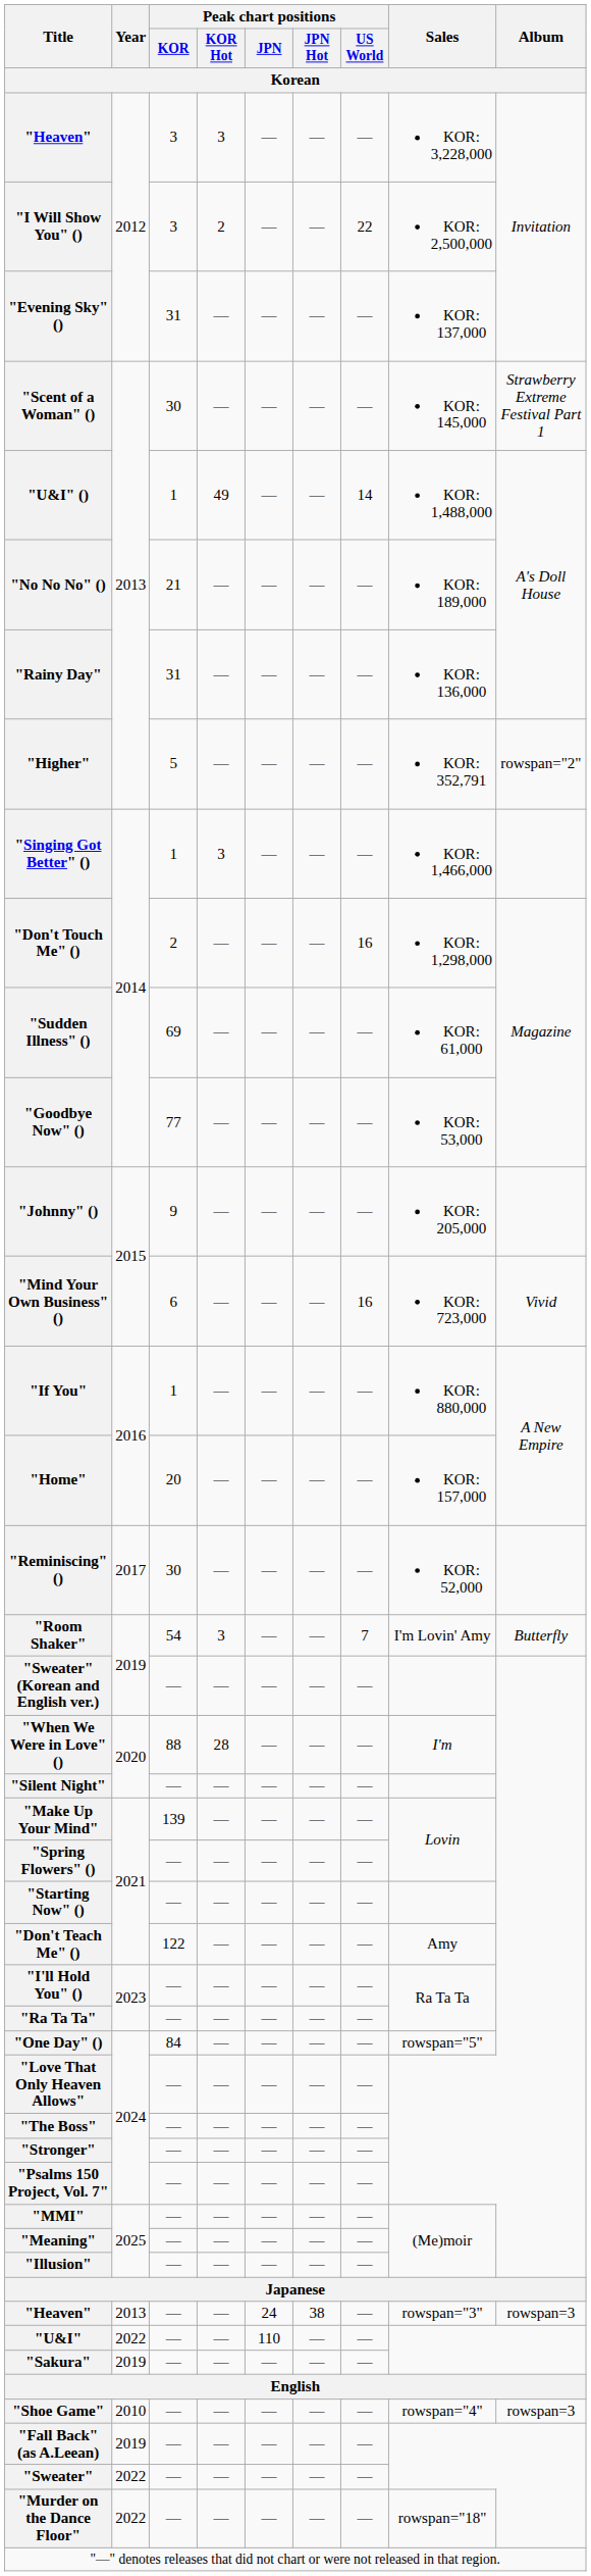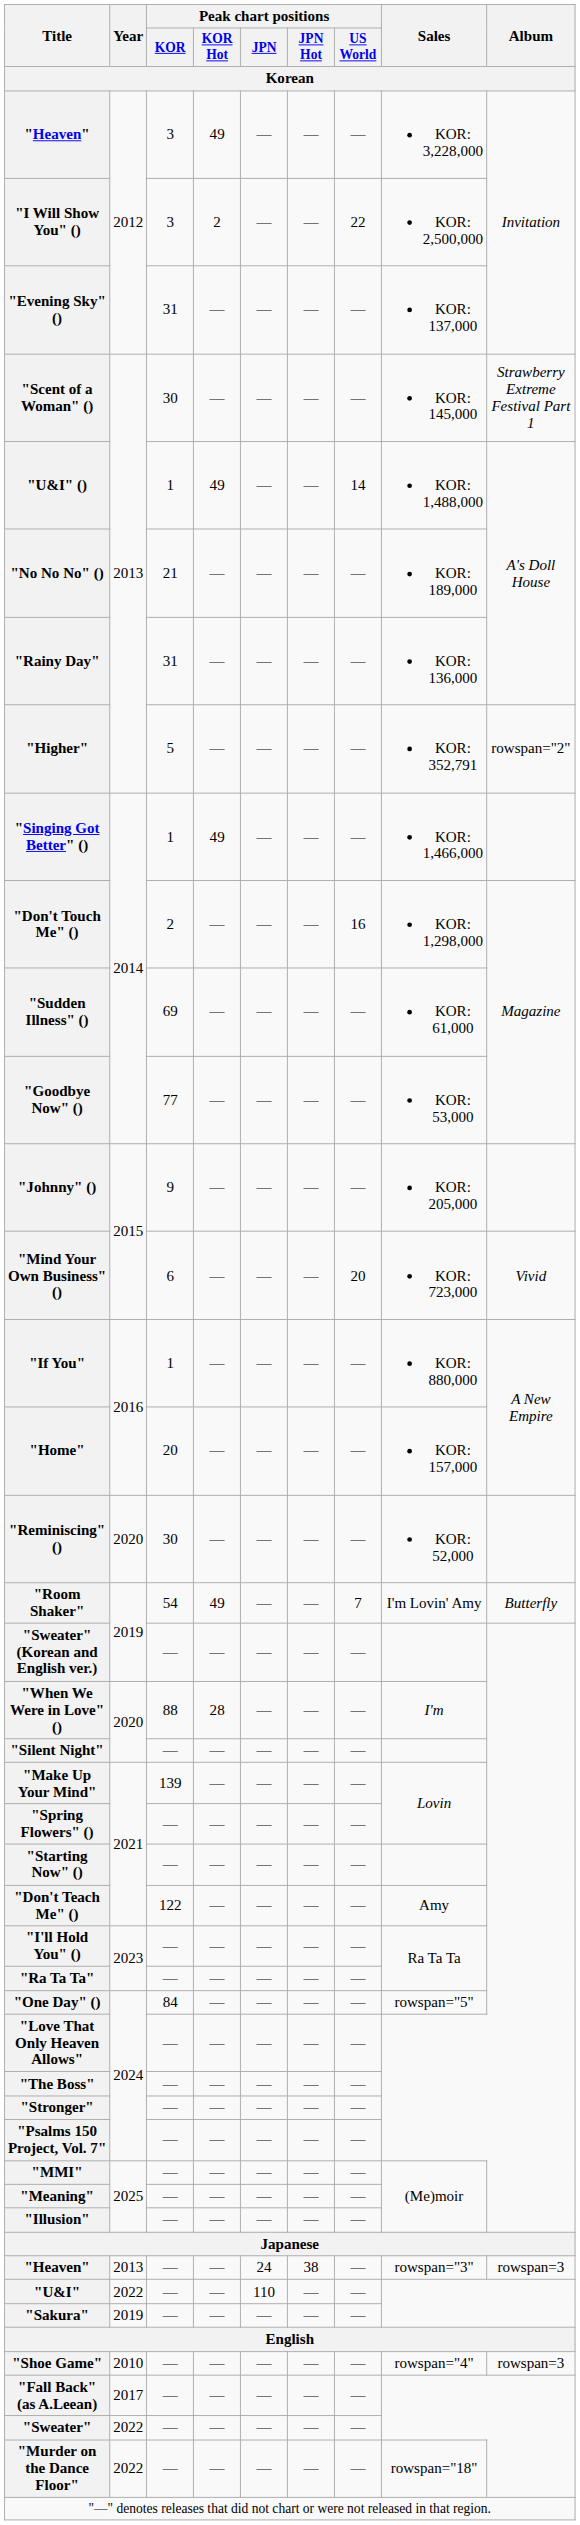 <table class="wikitable plainrowheaders" style="text-align:center;">
 <tr>
 <th scope="col" rowspan="2">Title</th>
 <th scope="col" rowspan="2">Year</th>
 <th scope="col" colspan="5">Peak chart positions</th>
 <th scope="col" rowspan="2">Sales</th>
 <th scope="col" rowspan="2">Album</th>
 </tr>
 <tr>
 <th scope="col" style="width:3em;font-size:90%;"><a href='#'>KOR</a><br></th>
 <th scope="col" style="width:3em;font-size:90%;"><a href='#'>KOR Hot</a><br></th>
 <th scope="col" style="width:3em;font-size:90%;"><a href='#'>JPN</a><br></th>
 <th scope="col" style="width:3em;font-size:90%;"><a href='#'>JPN Hot</a><br></th>
 <th scope="col" style="width:3em;font-size:90%;"><a href='#'>US World</a><br></th>
 </tr>
 <tr>
 <th colspan="10">Korean</th>
 </tr>
 <tr>
 <th scope="row">"<a href='#'>Heaven</a>"</th>
 <td rowspan="3">2012</td>
 <td>3</td>
-<td>3</td>
+<td>49</td>
 <td>—</td>
 <td>—</td>
 <td>—</td>
 <td><br><ul><li>KOR: 3,228,000</li></ul></td>
 <td rowspan=3><em>Invitation</em></td>
 </tr>
 <tr>
 <th scope="row">"I Will Show You" ()</th>
 <td>3</td>
 <td>2</td>
 <td>—</td>
 <td>—</td>
 <td>22</td>
 <td><br><ul><li>KOR: 2,500,000</li></ul></td>
 </tr>
 <tr>
 <th scope="row">"Evening Sky" ()</th>
 <td>31</td>
 <td>—</td>
 <td>—</td>
 <td>—</td>
 <td>—</td>
 <td><br><ul><li>KOR: 137,000</li></ul></td>
 </tr>
 <tr>
 <th scope="row">"Scent of a Woman" ()</th>
 <td rowspan="5">2013</td>
 <td>30</td>
 <td>—</td>
 <td>—</td>
 <td>—</td>
 <td>—</td>
 <td><br><ul><li>KOR: 145,000</li></ul></td>
 <td><em>Strawberry Extreme Festival Part 1</em></td>
 </tr>
 <tr>
 <th scope="row">"U&I" ()</th>
 <td>1</td>
 <td>49</td>
 <td>—</td>
 <td>—</td>
 <td>14</td>
 <td><br><ul><li>KOR: 1,488,000</li></ul></td>
 <td rowspan=3><em>A's Doll House</em></td>
 </tr>
 <tr>
 <th scope="row">"No No No" ()</th>
 <td>21</td>
 <td>—</td>
 <td>—</td>
 <td>—</td>
 <td>—</td>
 <td><br><ul><li>KOR: 189,000</li></ul></td>
 </tr>
 <tr>
 <th scope="row">"Rainy Day"</th>
 <td>31</td>
 <td>—</td>
 <td>—</td>
 <td>—</td>
 <td>—</td>
 <td><br><ul><li>KOR: 136,000</li></ul></td>
 </tr>
 <tr>
 <th scope="row">"Higher" </th>
 <td>5</td>
 <td>—</td>
 <td>—</td>
 <td>—</td>
 <td>—</td>
 <td><br><ul><li>KOR: 352,791</li></ul></td>
 <td>rowspan="2" </td>
 </tr>
 <tr>
 <th scope="row">"<a href='#'>Singing Got Better</a>" ()</th>
 <td rowspan="4">2014</td>
 <td>1</td>
-<td>3</td>
+<td>49</td>
 <td>—</td>
 <td>—</td>
 <td>—</td>
 <td><br><ul><li>KOR: 1,466,000</li></ul></td>
 </tr>
 <tr>
 <th scope="row">"Don't Touch Me" ()</th>
 <td>2</td>
 <td>—</td>
 <td>—</td>
 <td>—</td>
 <td>16</td>
 <td><br><ul><li>KOR: 1,298,000</li></ul></td>
 <td rowspan=3><em>Magazine</em></td>
 </tr>
 <tr>
 <th scope="row">"Sudden Illness" ()</th>
 <td>69</td>
 <td>—</td>
 <td>—</td>
 <td>—</td>
 <td>—</td>
 <td><br><ul><li>KOR: 61,000</li></ul></td>
 </tr>
 <tr>
 <th scope="row">"Goodbye Now" ()</th>
 <td>77</td>
 <td>—</td>
 <td>—</td>
 <td>—</td>
 <td>—</td>
 <td><br><ul><li>KOR: 53,000</li></ul></td>
 </tr>
 <tr>
 <th scope="row">"Johnny" ()</th>
 <td rowspan="2">2015</td>
 <td>9</td>
 <td>—</td>
 <td>—</td>
 <td>—</td>
 <td>—</td>
 <td><br><ul><li>KOR: 205,000</li></ul></td>
 <td></td>
 </tr>
 <tr>
 <th scope="row">"Mind Your Own Business" ()</th>
 <td>6</td>
 <td>—</td>
 <td>—</td>
 <td>—</td>
-<td>16</td>
+<td>20</td>
 <td><br><ul><li>KOR: 723,000</li></ul></td>
 <td><em>Vivid</em></td>
 </tr>
 <tr>
 <th scope="row">"If You"</th>
 <td rowspan="2">2016</td>
 <td>1</td>
 <td>—</td>
 <td>—</td>
 <td>—</td>
 <td>—</td>
 <td><br><ul><li>KOR: 880,000</li></ul></td>
 <td rowspan="2"><em>A New Empire</em></td>
 </tr>
 <tr>
 <th scope="row">"Home" </th>
 <td>20</td>
 <td>—</td>
 <td>—</td>
 <td>—</td>
 <td>—</td>
 <td><br><ul><li>KOR: 157,000</li></ul></td>
 </tr>
 <tr>
 <th scope="row">"Reminiscing" ()</th>
-<td>2017</td>
+<td>2020</td>
 <td>30</td>
 <td>—</td>
 <td>—</td>
 <td>—</td>
 <td>—</td>
 <td><br><ul><li>KOR: 52,000</li></ul></td>
 <td></td>
 </tr>
 <tr>
 <th scope="row">"Room Shaker"</th>
 <td rowspan="2">2019</td>
 <td>54</td>
-<td>3</td>
+<td>49</td>
 <td>—</td>
 <td>—</td>
 <td>7</td>
 <td></em>I'm Lovin' Amy<em></td>
 <td><em>Butterfly</em></td>
 </tr>
 <tr>
 <th scope="row">"Sweater" (Korean and English ver.)</th>
 <td>—</td>
 <td>—</td>
 <td>—</td>
 <td>—</td>
 <td>—</td>
 <td></td>
 </tr>
 <tr>
 <th scope="row">"When We Were in Love" <br> ()</th>
 <td rowspan="2">2020</td>
 <td>88</td>
 <td>28</td>
 <td>—</td>
 <td>—</td>
 <td>—</td>
 <td><em>I'm</em></td>
 </tr>
 <tr>
 <th scope="row">"Silent Night"</th>
 <td>—</td>
 <td>—</td>
 <td>—</td>
 <td>—</td>
 <td>—</td>
 <td></td>
 </tr>
 <tr>
 <th scope="row">"Make Up Your Mind"</th>
 <td rowspan="4">2021</td>
 <td>139</td>
 <td>—</td>
 <td>—</td>
 <td>—</td>
 <td>—</td>
 <td rowspan="2"><em>Lovin<strong></td>
 </tr>
 <tr>
 <th scope="row">"Spring Flowers" ()</th>
 <td>—</td>
 <td>—</td>
 <td>—</td>
 <td>—</td>
 <td>—</td>
 </tr>
 <tr>
 <th scope="row">"Starting Now" ()</th>
 <td>—</td>
 <td>—</td>
 <td>—</td>
 <td>—</td>
 <td>—</td>
 <td></td>
 </tr>
 <tr>
 <th scope="row">"Don't Teach Me" ()</th>
 <td>122</td>
 <td>—</td>
 <td>—</td>
 <td>—</td>
 <td>—</td>
 <td></em>Amy<em></td>
 </tr>
 <tr>
 <th scope="row">"I'll Hold You" ()</th>
 <td rowspan="2">2023</td>
 <td>—</td>
 <td>—</td>
 <td>—</td>
 <td>—</td>
 <td>—</td>
 <td rowspan="2"></em>Ra Ta Ta<em></td>
 </tr>
 <tr>
 <th scope="row">"Ra Ta Ta" </th>
 <td>—</td>
 <td>—</td>
 <td>—</td>
 <td>—</td>
 <td>—</td>
 </tr>
 <tr>
 <th scope="row">"One Day" ()</th>
 <td rowspan="5">2024</td>
 <td>84</td>
 <td>—</td>
 <td>—</td>
 <td>—</td>
 <td>—</td>
 <td>rowspan="5" </td>
 </tr>
 <tr>
 <th scope="row">"Love That Only Heaven Allows"</th>
 <td>—</td>
 <td>—</td>
 <td>—</td>
 <td>—</td>
 <td>—</td>
 </tr>
 <tr>
 <th scope="row">"The Boss"</th>
 <td>—</td>
 <td>—</td>
 <td>—</td>
 <td>—</td>
 <td>—</td>
 </tr>
 <tr>
 <th scope="row">"Stronger"</th>
 <td>—</td>
 <td>—</td>
 <td>—</td>
 <td>—</td>
 <td>—</td>
 </tr>
 <tr>
 <th scope="row">"Psalms 150 Project, Vol. 7"</th>
 <td>—</td>
 <td>—</td>
 <td>—</td>
 <td>—</td>
 <td>—</td>
 </tr>
 <tr>
 <th scope="row">"MMI"</th>
 <td rowspan="3">2025</td>
 <td>—</td>
 <td>—</td>
 <td>—</td>
 <td>—</td>
 <td>—</td>
 <td rowspan="3"></em>(Me)moir<em></td>
 </tr>
 <tr>
 <th scope="row">"Meaning"</th>
 <td>—</td>
 <td>—</td>
 <td>—</td>
 <td>—</td>
 <td>—</td>
 </tr>
 <tr>
 <th scope="row">"Illusion"</th>
 <td>—</td>
 <td>—</td>
 <td>—</td>
 <td>—</td>
 <td>—</td>
 </tr>
 <tr>
 <th colspan="9">Japanese</th>
 </tr>
 <tr>
 <th scope="row">"Heaven"</th>
 <td>2013</td>
 <td>—</td>
 <td>—</td>
 <td>24</td>
 <td>38</td>
 <td>—</td>
 <td>rowspan="3" </td>
 <td>rowspan=3 </td>
 </tr>
 <tr>
 <th scope="row">"U&I"</th>
 <td>2022</td>
 <td>—</td>
 <td>—</td>
 <td>110</td>
 <td>—</td>
 <td>—</td>
 </tr>
 <tr>
 <th scope="row">"Sakura"</th>
 <td>2019</td>
 <td>—</td>
 <td>—</td>
 <td>—</td>
 <td>—</td>
 <td>—</td>
 </tr>
 <tr>
 <th colspan="9">English</th>
 </tr>
 <tr>
 <th scope="row">"Shoe Game"</th>
 <td>2010</td>
 <td>—</td>
 <td>—</td>
 <td>—</td>
 <td>—</td>
 <td>—</td>
 <td>rowspan="4" </td>
 <td>rowspan=3 </td>
 </tr>
 <tr>
 <th scope="row">"Fall Back" (as A.Leean)</th>
-<td>2019</td>
+<td>2017</td>
 <td>—</td>
 <td>—</td>
 <td>—</td>
 <td>—</td>
 <td>—</td>
 </tr>
 <tr>
 <th scope="row">"Sweater"</th>
 <td>2022</td>
 <td>—</td>
 <td>—</td>
 <td>—</td>
 <td>—</td>
 <td>—</td>
 </tr>
 <tr>
 <th scope="row">"Murder on the Dance Floor"</th>
 <td>2022</td>
 <td>—</td>
 <td>—</td>
 <td>—</td>
 <td>—</td>
 <td>—</td>
 <td>rowspan="18" </td>
 </tr>
 <tr>
 <td colspan="9" style="font-size:90%">"—" denotes releases that did not chart or were not released in that region.</td>
 </tr>
 </table>
